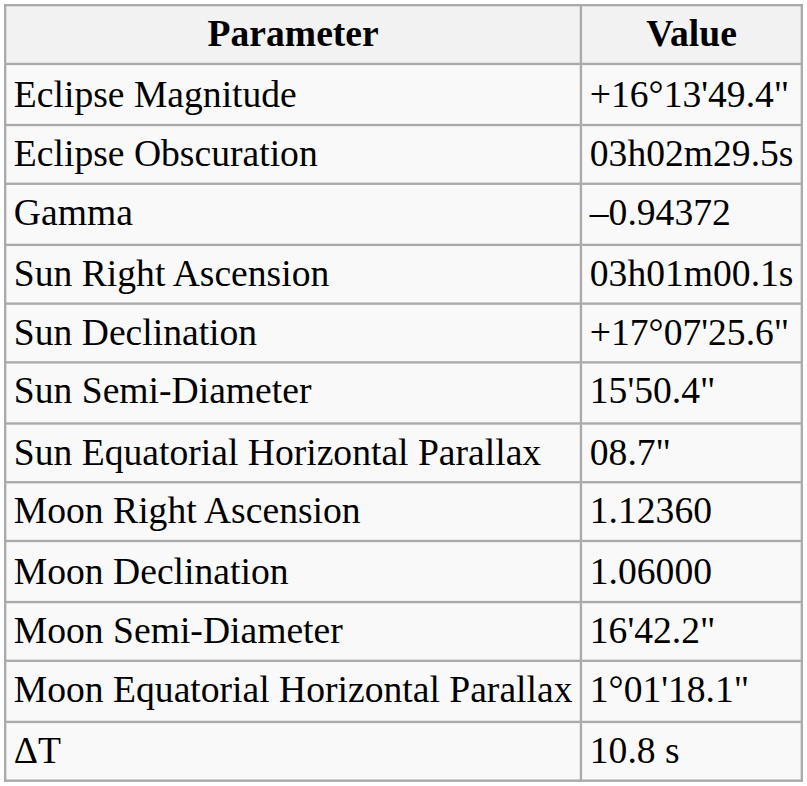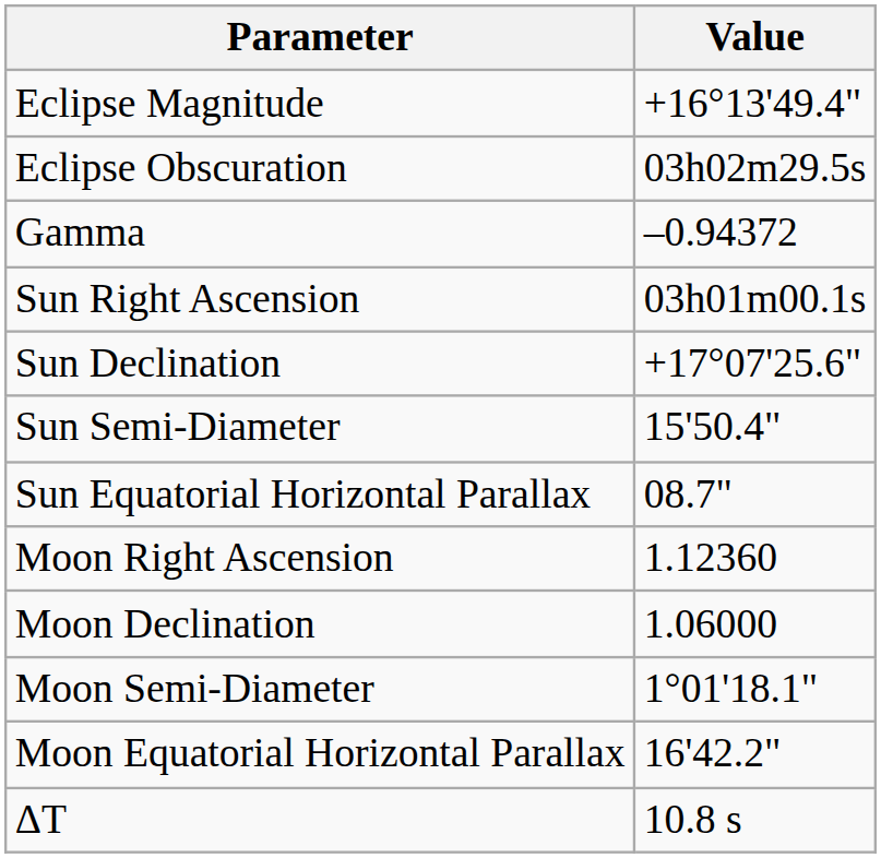 <table class="wikitable">
 <tr>
 <th>Parameter</th>
 <th>Value</th>
 </tr>
 <tr>
 <td>Eclipse Magnitude</td>
 <td>+16°13'49.4"</td>
 </tr>
 <tr>
 <td>Eclipse Obscuration</td>
 <td>03h02m29.5s</td>
 </tr>
 <tr>
 <td>Gamma</td>
 <td>–0.94372</td>
 </tr>
 <tr>
 <td>Sun Right Ascension</td>
 <td>03h01m00.1s</td>
 </tr>
 <tr>
 <td>Sun Declination</td>
 <td>+17°07'25.6"</td>
 </tr>
 <tr>
 <td>Sun Semi-Diameter</td>
 <td>15'50.4"</td>
 </tr>
 <tr>
 <td>Sun Equatorial Horizontal Parallax</td>
 <td>08.7"</td>
 </tr>
 <tr>
 <td>Moon Right Ascension</td>
 <td>1.12360</td>
 </tr>
 <tr>
 <td>Moon Declination</td>
 <td>1.06000</td>
 </tr>
 <tr>
 <td>Moon Semi-Diameter</td>
-<td>16'42.2"</td>
+<td>1°01'18.1"</td>
 </tr>
 <tr>
 <td>Moon Equatorial Horizontal Parallax</td>
-<td>1°01'18.1"</td>
+<td>16'42.2"</td>
 </tr>
 <tr>
 <td>ΔT</td>
 <td>10.8 s</td>
 </tr>
 </table>
